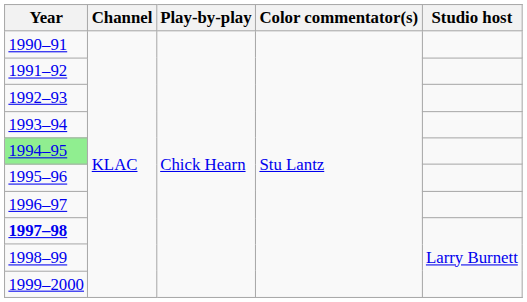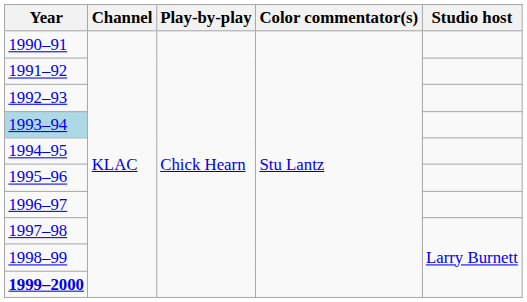 <table class="wikitable">
 <tr>
 <th>Year</th>
 <th>Channel</th>
 <th>Play-by-play</th>
 <th>Color commentator(s)</th>
 <th>Studio host</th>
 </tr>
 <tr>
 <td><a href='#'>1990–91</a></td>
 <td rowspan=10><a href='#'>KLAC</a></td>
 <td rowspan=10><a href='#'>Chick Hearn</a></td>
 <td rowspan=10><a href='#'>Stu Lantz</a></td>
 <td></td>
 </tr>
 <tr>
 <td><a href='#'>1991–92</a></td>
 <td></td>
 </tr>
 <tr>
 <td><a href='#'>1992–93</a></td>
 <td></td>
 </tr>
 <tr>
-<td><a href='#'>1993–94</a></td>
+<td style="background: lightblue;"><a href='#'>1993–94</a></td>
 <td></td>
 </tr>
 <tr>
-<td style="background: lightgreen;"><a href='#'>1994–95</a></td>
+<td><a href='#'>1994–95</a></td>
 <td></td>
 </tr>
 <tr>
 <td><a href='#'>1995–96</a></td>
 <td></td>
 </tr>
 <tr>
 <td><a href='#'>1996–97</a></td>
 <td></td>
 </tr>
 <tr>
-<td><strong><a href='#'>1997–98</a></strong></td>
+<td><a href='#'>1997–98</a></td>
 <td rowspan="3"><a href='#'>Larry Burnett</a></td>
 </tr>
 <tr>
 <td><a href='#'>1998–99</a></td>
 </tr>
 <tr>
-<td><a href='#'>1999–2000</a></td>
+<td><strong><a href='#'>1999–2000</a></strong></td>
 </tr>
 </table>
